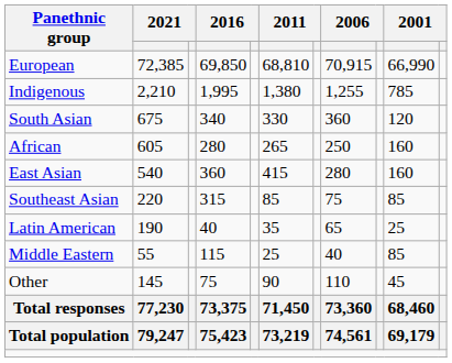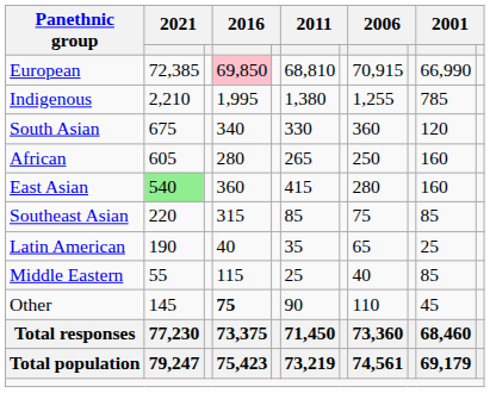 <table class="wikitable collapsible sortable">
 <tr>
 <th rowspan="2"><a href='#'>Panethnic</a><br>group</th>
 <th colspan="2">2021</th>
 <th colspan="2">2016</th>
 <th colspan="2">2011</th>
 <th colspan="2">2006</th>
 <th colspan="2">2001</th>
 </tr>
 <tr>
 <th><a href='#'></a></th>
 <th></th>
 <th></th>
 <th></th>
 <th></th>
 <th></th>
 <th></th>
 <th></th>
 <th></th>
 <th></th>
 </tr>
 <tr>
 <td><a href='#'>European</a></td>
 <td>72,385</td>
 <td></td>
-<td>69,850</td>
+<td style="background: pink;">69,850</td>
 <td></td>
 <td>68,810</td>
 <td></td>
 <td>70,915</td>
 <td></td>
 <td>66,990</td>
 <td></td>
 </tr>
 <tr>
 <td><a href='#'>Indigenous</a></td>
 <td>2,210</td>
 <td></td>
 <td>1,995</td>
 <td></td>
 <td>1,380</td>
 <td></td>
 <td>1,255</td>
 <td></td>
 <td>785</td>
 <td></td>
 </tr>
 <tr>
 <td><a href='#'>South Asian</a></td>
 <td>675</td>
 <td></td>
 <td>340</td>
 <td></td>
 <td>330</td>
 <td></td>
 <td>360</td>
 <td></td>
 <td>120</td>
 <td></td>
 </tr>
 <tr>
 <td><a href='#'>African</a></td>
 <td>605</td>
 <td></td>
 <td>280</td>
 <td></td>
 <td>265</td>
 <td></td>
 <td>250</td>
 <td></td>
 <td>160</td>
 <td></td>
 </tr>
 <tr>
 <td><a href='#'>East Asian</a></td>
-<td>540</td>
+<td style="background: lightgreen;">540</td>
 <td></td>
 <td>360</td>
 <td></td>
 <td>415</td>
 <td></td>
 <td>280</td>
 <td></td>
 <td>160</td>
 <td></td>
 </tr>
 <tr>
 <td><a href='#'>Southeast Asian</a></td>
 <td>220</td>
 <td></td>
 <td>315</td>
 <td></td>
 <td>85</td>
 <td></td>
 <td>75</td>
 <td></td>
 <td>85</td>
 <td></td>
 </tr>
 <tr>
 <td><a href='#'>Latin American</a></td>
 <td>190</td>
 <td></td>
 <td>40</td>
 <td></td>
 <td>35</td>
 <td></td>
 <td>65</td>
 <td></td>
 <td>25</td>
 <td></td>
 </tr>
 <tr>
 <td><a href='#'>Middle Eastern</a></td>
 <td>55</td>
 <td></td>
 <td>115</td>
 <td></td>
 <td>25</td>
 <td></td>
 <td>40</td>
 <td></td>
 <td>85</td>
 <td></td>
 </tr>
 <tr>
 <td>Other</td>
 <td>145</td>
 <td></td>
-<td>75</td>
+<td><strong>75</strong></td>
 <td></td>
 <td>90</td>
 <td></td>
 <td>110</td>
 <td></td>
 <td>45</td>
 <td></td>
 </tr>
 <tr>
 <th>Total responses</th>
 <th>77,230</th>
 <th></th>
 <th>73,375</th>
 <th></th>
 <th>71,450</th>
 <th></th>
 <th>73,360</th>
 <th></th>
 <th>68,460</th>
 <th></th>
 </tr>
 <tr>
 <th>Total population</th>
 <th>79,247</th>
 <th></th>
 <th>75,423</th>
 <th></th>
 <th>73,219</th>
 <th></th>
 <th>74,561</th>
 <th></th>
 <th>69,179</th>
 <th></th>
 </tr>
 <tr class="sortbottom">
 <td colspan="15"></td>
 </tr>
 </table>
